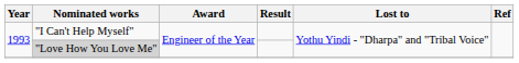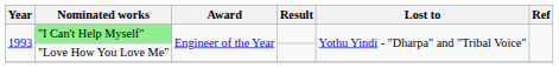 <table class="wikitable">
 <tr>
 <th>Year</th>
 <th>Nominated works</th>
 <th>Award</th>
 <th>Result</th>
 <th>Lost to</th>
 <th>Ref</th>
 </tr>
 <tr>
 <td rowspan="2"><a href='#'>1993</a></td>
-<td>"I Can't Help Myself"</td>
+<td style="background: lightgreen;">"I Can't Help Myself"</td>
 <td rowspan="2"><a href='#'>Engineer of the Year</a></td>
 <td></td>
 <td rowspan="2"><a href='#'>Yothu Yindi</a> - "Dharpa" and "Tribal Voice"</td>
 <td rowspan="2" style="text-align:center;"></td>
 </tr>
 <tr>
-<td style="background: lightgrey;">"Love How You Love Me"</td>
+<td>"Love How You Love Me"</td>
 <td></td>
 </tr>
 <tr>
 </tr>
 </table>
